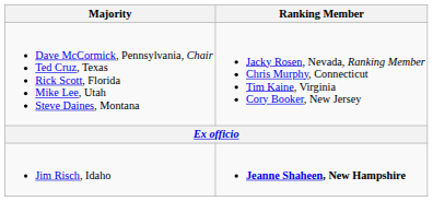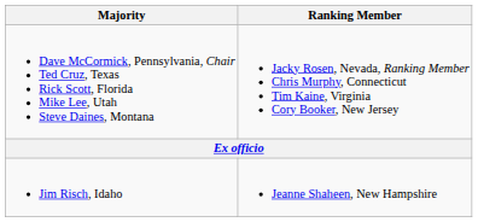 <table class=wikitable>
 <tr>
 <th>Majority</th>
 <th>Ranking Member</th>
 </tr>
 <tr>
 <td><br><ul><li><a href='#'>Dave McCormick</a>, Pennsylvania, <em>Chair</em></li><li><a href='#'>Ted Cruz</a>, Texas</li><li><a href='#'>Rick Scott</a>, Florida</li><li><a href='#'>Mike Lee</a>, Utah</li><li><a href='#'>Steve Daines</a>, Montana</li></ul></td>
 <td><br><ul><li><a href='#'>Jacky Rosen</a>, Nevada, <em>Ranking Member</em></li><li><a href='#'>Chris Murphy</a>, Connecticut</li><li><a href='#'>Tim Kaine</a>, Virginia</li><li><a href='#'>Cory Booker</a>, New Jersey</li></ul></td>
 </tr>
 <tr>
 <th colspan=2><em><a href='#'>Ex officio</a></em></th>
 </tr>
 <tr>
 <td><br><ul><li><a href='#'>Jim Risch</a>, Idaho</li></ul></td>
-<td><strong><br><ul><li><a href='#'>Jeanne Shaheen</a>, New Hampshire</li></ul></strong></td>
+<td><br><ul><li><a href='#'>Jeanne Shaheen</a>, New Hampshire</li></ul></td>
 </tr>
 </table>
